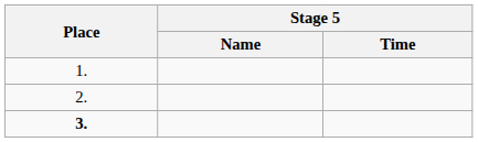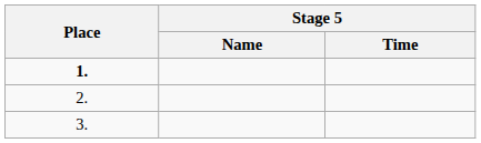 <table class=wikitable style="font-size:95%" width="50%">
 <tr>
 <th rowspan="2">Place</th>
 <th colspan="2">Stage 5</th>
 </tr>
 <tr>
 <th>Name</th>
 <th>Time</th>
 </tr>
 <tr>
-<td align="center">1.</td>
+<td align="center"><strong>1.</strong></td>
 <td></td>
 <td></td>
 </tr>
 <tr>
 <td align="center">2.</td>
 <td></td>
 <td></td>
 </tr>
 <tr>
-<td align="center"><strong>3.</strong></td>
+<td align="center">3.</td>
 <td></td>
 <td></td>
 </tr>
 </table>
